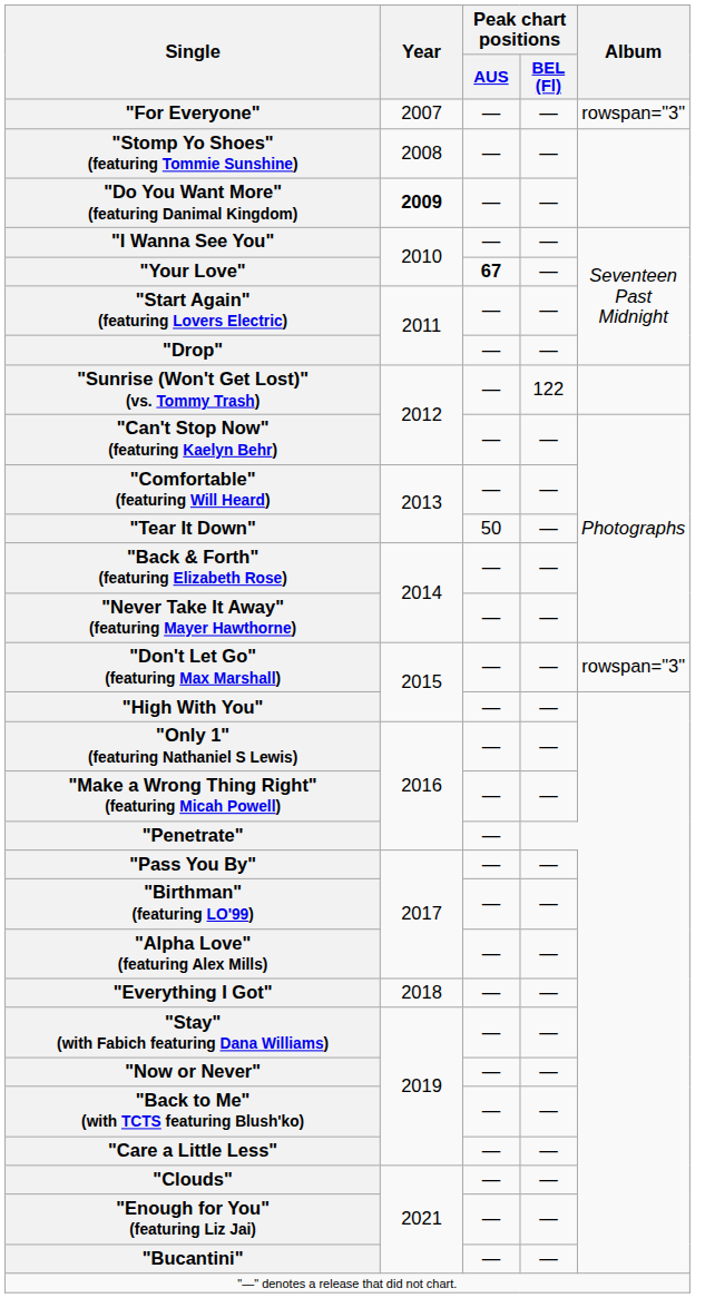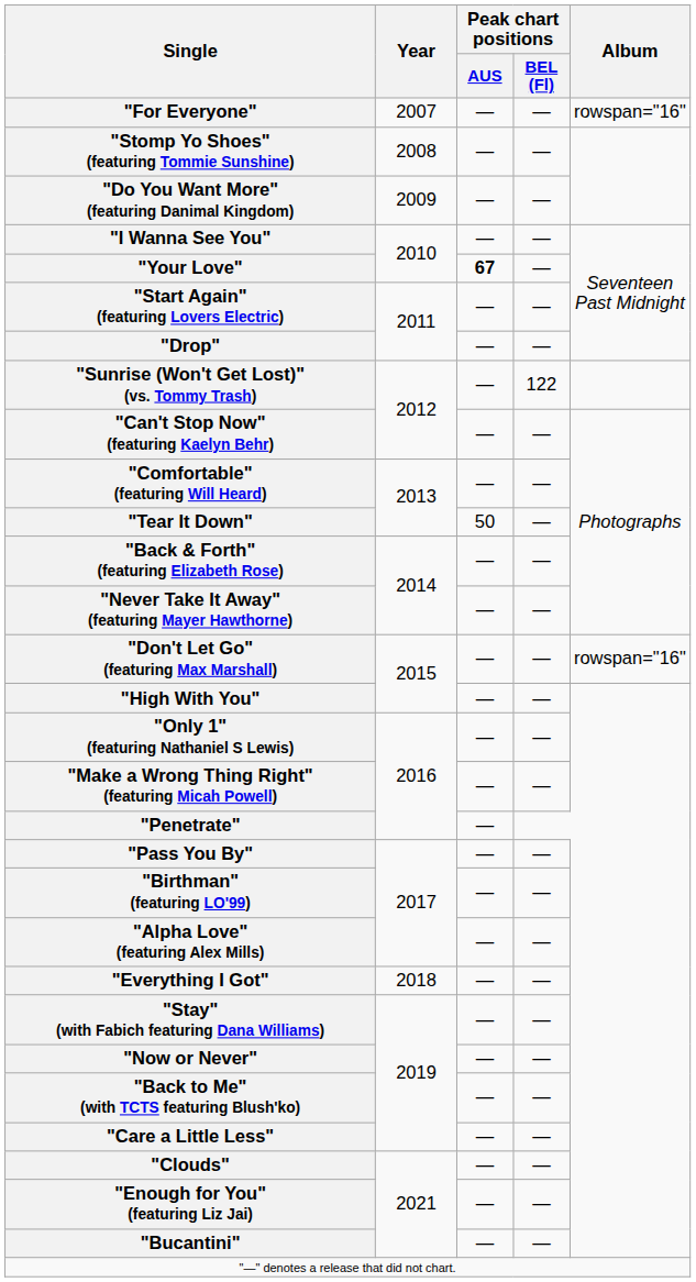 <table class="wikitable plainrowheaders" style="text-align:center;" border="1">
 <tr>
 <th scope="col" rowspan="2" style="width:20em;">Single</th>
 <th scope="col" rowspan="2" style="width:4em;">Year</th>
 <th colspan="2">Peak chart positions</th>
 <th scope="col" rowspan="2" style="width:4em;">Album</th>
 </tr>
 <tr>
 <th scope="col" style="width:3em;font-size:90%;"><a href='#'>AUS</a><br></th>
 <th scope="col" style="width:3em;font-size:90%;"><a href='#'>BEL (Fl)</a><br></th>
 </tr>
 <tr>
 <th scope="row">"For Everyone"</th>
 <td>2007</td>
 <td>―</td>
 <td>―</td>
-<td>rowspan="3" </td>
+<td>rowspan="16" </td>
 </tr>
 <tr>
 <th scope="row">"Stomp Yo Shoes"<br><small>(featuring <a href='#'>Tommie Sunshine</a>)</small></th>
 <td>2008</td>
 <td>―</td>
 <td>―</td>
 </tr>
 <tr>
 <th scope="row">"Do You Want More" <br><small>(featuring Danimal Kingdom)</small></th>
-<td><strong>2009</strong></td>
+<td>2009</td>
 <td>―</td>
 <td>―</td>
 </tr>
 <tr>
 <th scope="row">"I Wanna See You"</th>
 <td rowspan="2">2010</td>
 <td>―</td>
 <td>―</td>
 <td rowspan="4"><em>Seventeen Past Midnight</em></td>
 </tr>
 <tr>
 <th scope="row">"Your Love"</th>
 <td><strong>67</strong></td>
 <td>―</td>
 </tr>
 <tr>
 <th scope="row">"Start Again" <br><small>(featuring <a href='#'>Lovers Electric</a>)</small></th>
 <td rowspan="2">2011</td>
 <td>―</td>
 <td>―</td>
 </tr>
 <tr>
 <th scope="row">"Drop"</th>
 <td>―</td>
 <td>―</td>
 </tr>
 <tr>
 <th scope="row">"Sunrise (Won't Get Lost)" <br><small>(vs. <a href='#'>Tommy Trash</a>)</small></th>
 <td rowspan="2">2012</td>
 <td>―</td>
 <td>122</td>
 <td></td>
 </tr>
 <tr>
 <th scope="row">"Can't Stop Now" <br><small>(featuring <a href='#'>Kaelyn Behr</a>)</small></th>
 <td>―</td>
 <td>―</td>
 <td rowspan="5"><em>Photographs</em></td>
 </tr>
 <tr>
 <th scope="row">"Comfortable" <br><small>(featuring <a href='#'>Will Heard</a>)</small></th>
 <td rowspan="2">2013</td>
 <td>―</td>
 <td>―</td>
 </tr>
 <tr>
 <th scope="row">"Tear It Down"</th>
 <td>50</td>
 <td>―</td>
 </tr>
 <tr>
 <th scope="row">"Back & Forth" <br><small>(featuring <a href='#'>Elizabeth Rose</a>)</small></th>
 <td rowspan="2">2014</td>
 <td>―</td>
 <td>―</td>
 </tr>
 <tr>
 <th scope="row">"Never Take It Away" <br><small>(featuring <a href='#'>Mayer Hawthorne</a>)</small></th>
 <td>―</td>
 <td>―</td>
 </tr>
 <tr>
 <th scope="row">"Don't Let Go" <br><small>(featuring <a href='#'>Max Marshall</a>)</small></th>
 <td rowspan="2">2015</td>
 <td>―</td>
 <td>―</td>
-<td>rowspan="3" </td>
+<td>rowspan="16" </td>
 </tr>
 <tr>
 <th scope="row">"High With You"</th>
 <td>―</td>
 <td>―</td>
 </tr>
 <tr>
 <th scope="row">"Only 1" <br><small>(featuring Nathaniel S Lewis)</small></th>
 <td rowspan="3">2016</td>
 <td>―</td>
 <td>―</td>
 </tr>
 <tr>
 <th scope="row">"Make a Wrong Thing Right" <br><small>(featuring <a href='#'>Micah Powell</a>)</small></th>
 <td>―</td>
 <td>―</td>
 </tr>
 <tr>
 <th scope="row">"Penetrate"</th>
 <td>―</td>
 </tr>
 <tr>
 <th scope="row">"Pass You By"</th>
 <td rowspan="3">2017</td>
 <td>―</td>
 <td>―</td>
 </tr>
 <tr>
 <th scope="row">"Birthman" <br><small>(featuring <a href='#'>LO'99</a>)</small></th>
 <td>―</td>
 <td>―</td>
 </tr>
 <tr>
 <th scope="row">"Alpha Love" <br><small>(featuring Alex Mills)</small></th>
 <td>―</td>
 <td>―</td>
 </tr>
 <tr>
 <th scope="row">"Everything I Got"</th>
 <td>2018</td>
 <td>―</td>
 <td>―</td>
 </tr>
 <tr>
 <th scope="row">"Stay"<br> <small>(with Fabich featuring <a href='#'>Dana Williams</a>)</small></th>
 <td rowspan="4">2019</td>
 <td>―</td>
 <td>―</td>
 </tr>
 <tr>
 <th scope="row">"Now or Never"<br></th>
 <td>―</td>
 <td>―</td>
 </tr>
 <tr>
 <th scope="row">"Back to Me" <br><small>(with <a href='#'>TCTS</a> featuring Blush'ko)</small></th>
 <td>―</td>
 <td>―</td>
 </tr>
 <tr>
 <th scope="row">"Care a Little Less"</th>
 <td>―</td>
 <td>―</td>
 </tr>
 <tr>
 <th scope="row">"Clouds"</th>
 <td rowspan="3">2021</td>
 <td>―</td>
 <td>―</td>
 </tr>
 <tr>
 <th scope="row">"Enough for You"<br><small>(featuring Liz Jai)</small></th>
 <td>―</td>
 <td>―</td>
 </tr>
 <tr>
 <th scope="row">"Bucantini"</th>
 <td>―</td>
 <td>―</td>
 </tr>
 <tr>
 <td colspan="5" style="font-size:8pt;">"―" denotes a release that did not chart.</td>
 </tr>
 </table>
